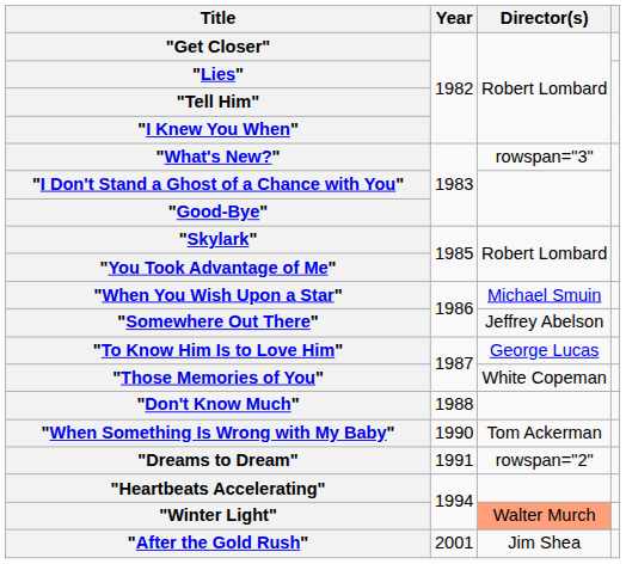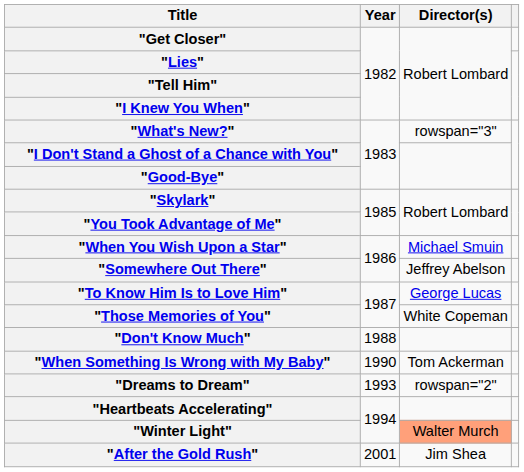 <table class="wikitable plainrowheaders" style="text-align:center;" border="1">
 <tr>
 <th scope="col" style="width:24em;">Title</th>
 <th scope="col">Year</th>
 <th scope="col">Director(s)</th>
 <th></th>
 </tr>
 <tr>
 <th scope="row">"Get Closer"</th>
 <td rowspan="4">1982</td>
 <td rowspan="4">Robert Lombard</td>
 <td align="center"></td>
 </tr>
 <tr>
 <th scope="row">"<a href='#'>Lies</a>"</th>
 <td align="center" rowspan="3"></td>
 </tr>
 <tr>
 <th scope="row">"Tell Him"</th>
 </tr>
 <tr>
 <th scope="row">"<a href='#'>I Knew You When</a>"</th>
 </tr>
 <tr>
 <th scope="row">"<a href='#'>What's New?</a>"</th>
 <td rowspan="3">1983</td>
 <td>rowspan="3" </td>
 <td align="center" rowspan="3"></td>
 </tr>
 <tr>
 <th scope="row">"<a href='#'>I Don't Stand a Ghost of a Chance with You</a>"</th>
 </tr>
 <tr>
 <th scope="row">"<a href='#'>Good-Bye</a>"</th>
 </tr>
 <tr>
 <th scope="row">"<a href='#'>Skylark</a>"</th>
 <td rowspan="2">1985</td>
 <td rowspan="2">Robert Lombard</td>
 <td align="center" rowspan="2"></td>
 </tr>
 <tr>
 <th scope="row">"<a href='#'>You Took Advantage of Me</a>"</th>
 </tr>
 <tr>
 <th scope="row">"<a href='#'>When You Wish Upon a Star</a>"</th>
 <td rowspan="2">1986</td>
 <td><a href='#'>Michael Smuin</a></td>
 <td align="center"></td>
 </tr>
 <tr>
 <th scope="row">"<a href='#'>Somewhere Out There</a>"<br></th>
 <td>Jeffrey Abelson</td>
 <td align="center"></td>
 </tr>
 <tr>
 <th scope="row">"<a href='#'>To Know Him Is to Love Him</a>"<br></th>
 <td rowspan="2">1987</td>
 <td><a href='#'>George Lucas</a></td>
 <td align="center"></td>
 </tr>
 <tr>
 <th scope="row">"<a href='#'>Those Memories of You</a>"<br></th>
 <td>White Copeman</td>
 <td align="center"></td>
 </tr>
 <tr>
 <th scope="row">"<a href='#'>Don't Know Much</a>"<br></th>
 <td>1988</td>
 <td></td>
 <td align="center"></td>
 </tr>
 <tr>
 <th scope="row">"<a href='#'>When Something Is Wrong with My Baby</a>"<br></th>
 <td>1990</td>
 <td>Tom Ackerman</td>
 <td align="center"></td>
 </tr>
 <tr>
 <th scope="row">"Dreams to Dream"</th>
-<td>1991</td>
+<td>1993</td>
 <td>rowspan="2" </td>
 <td align="center"></td>
 </tr>
 <tr>
 <th scope="row">"Heartbeats Accelerating"</th>
 <td rowspan="2">1994</td>
 <td align="center"></td>
 </tr>
 <tr>
 <th scope="row">"Winter Light"</th>
 <td style="background: lightsalmon;">Walter Murch</td>
 <td align="center"></td>
 </tr>
 <tr>
 <th scope="row">"<a href='#'>After the Gold Rush</a>"<br></th>
 <td>2001</td>
 <td>Jim Shea</td>
 <td align="center"></td>
 </tr>
 </table>
